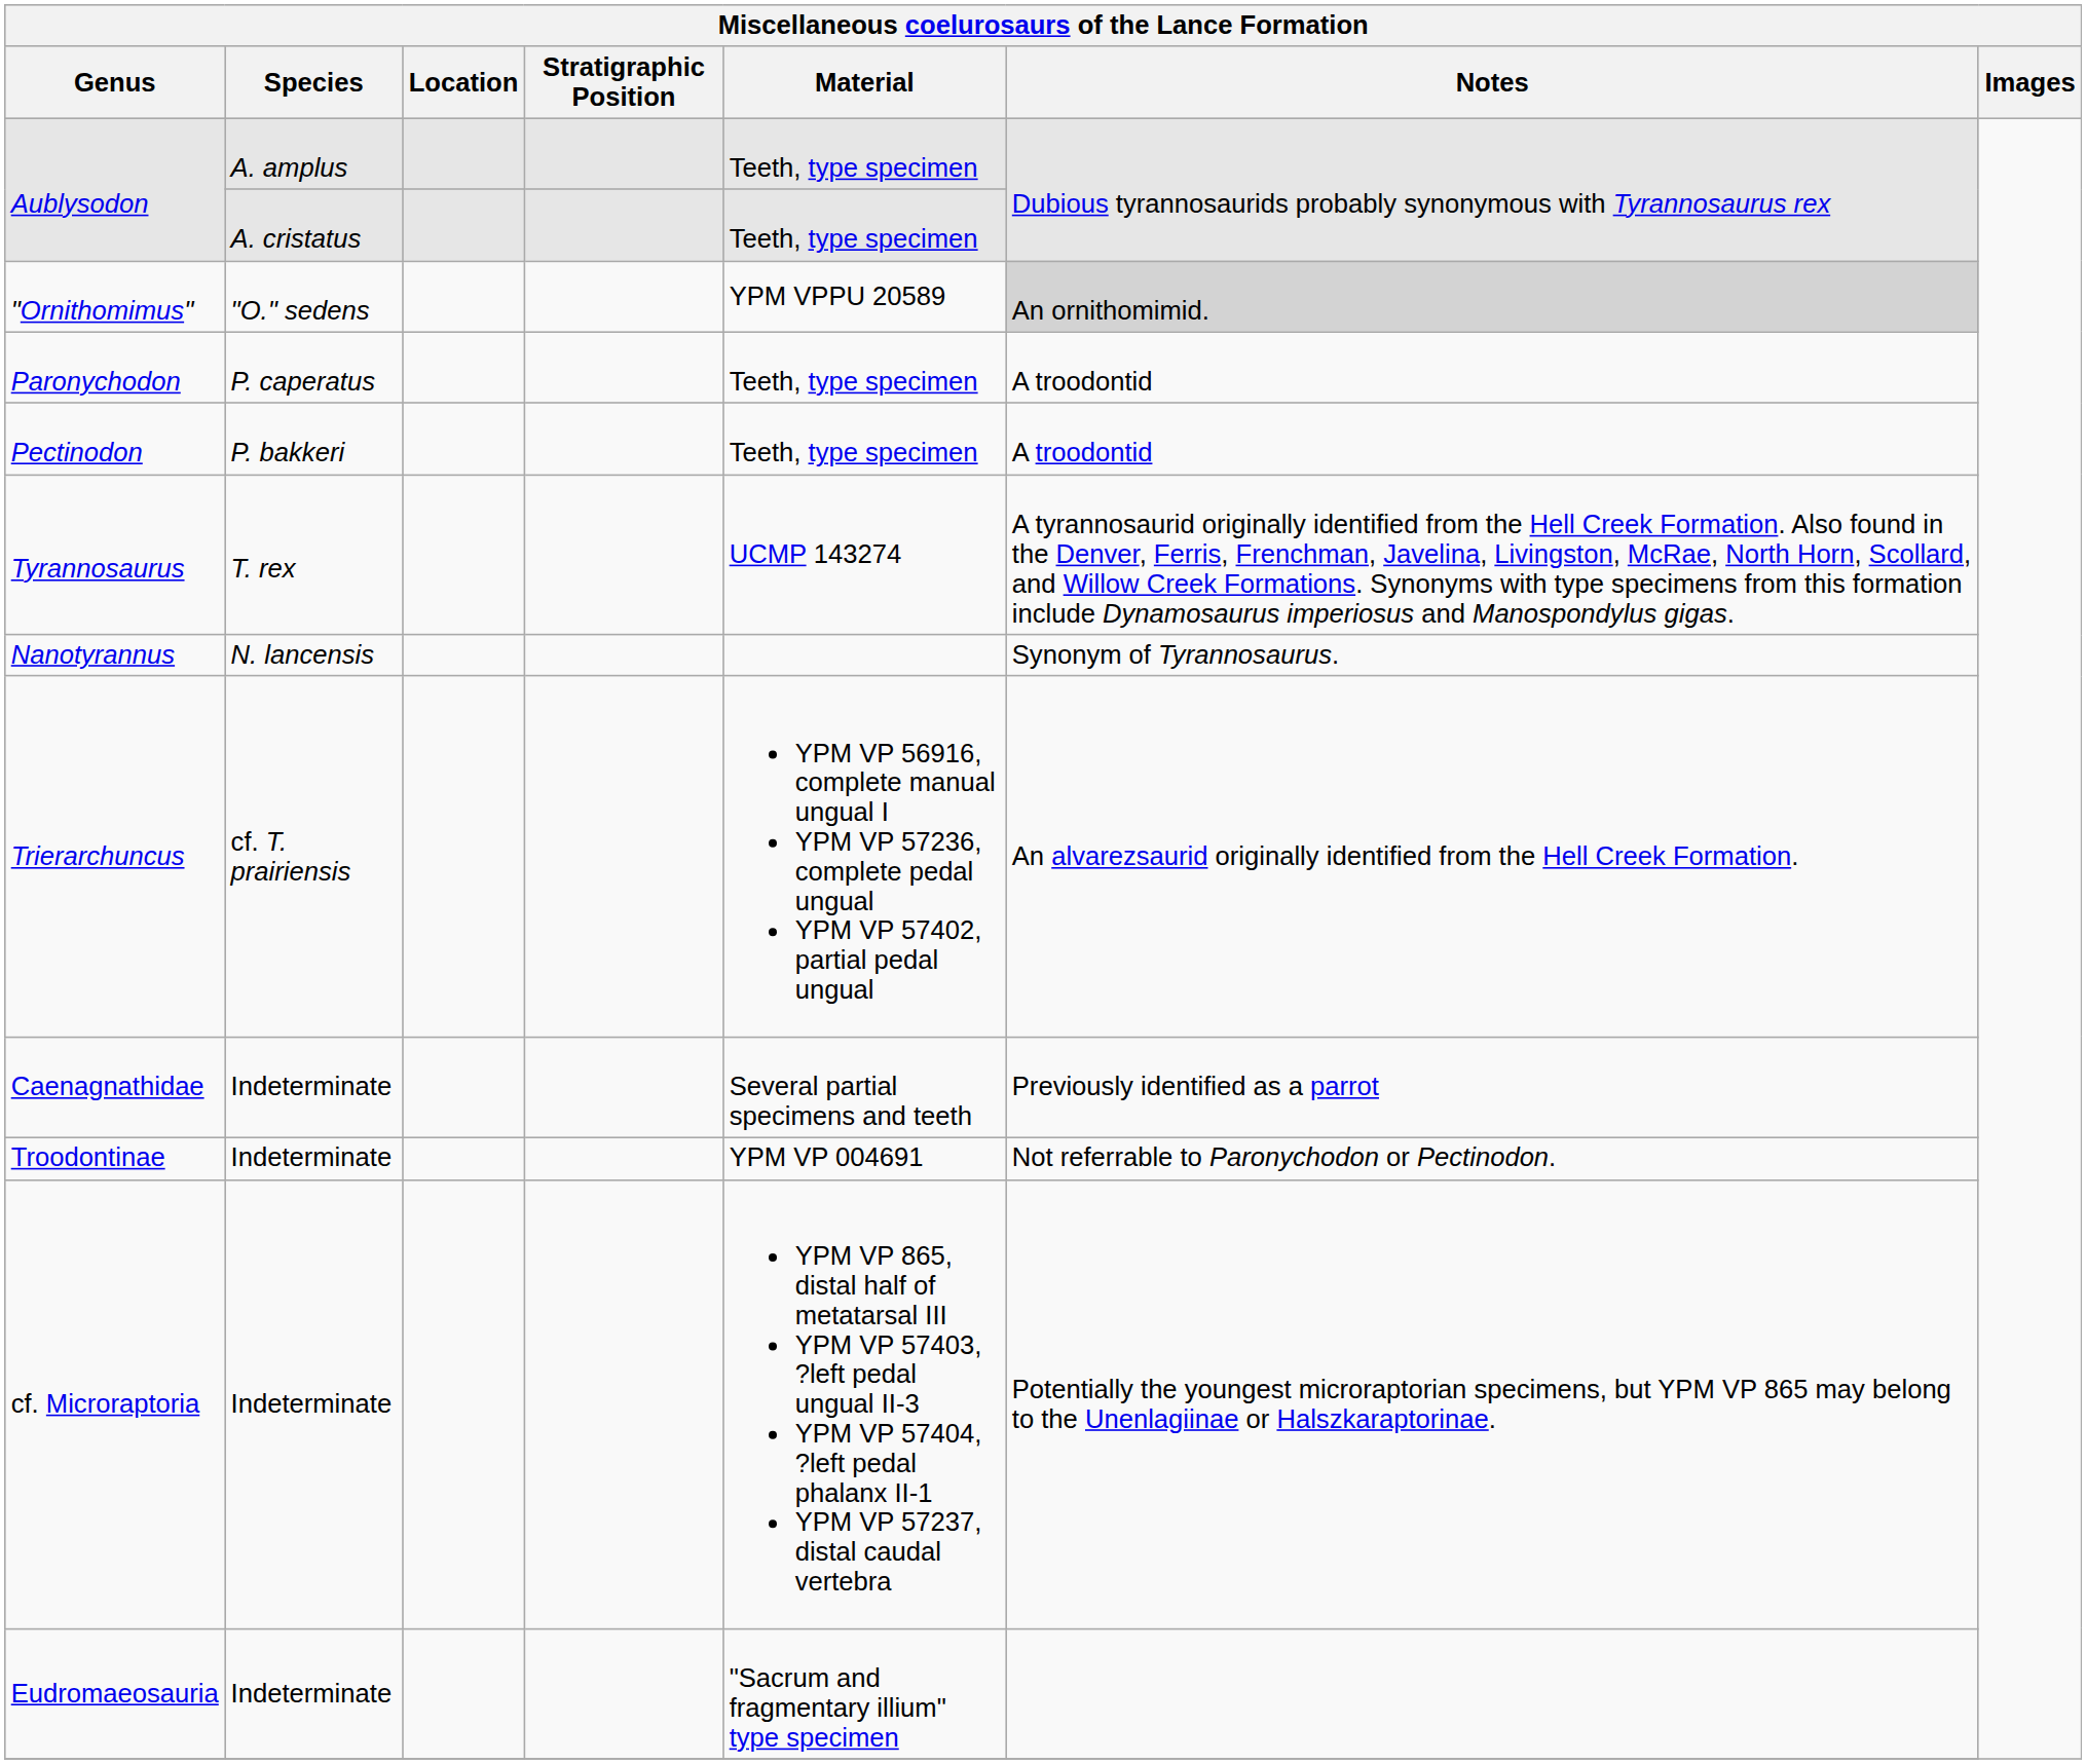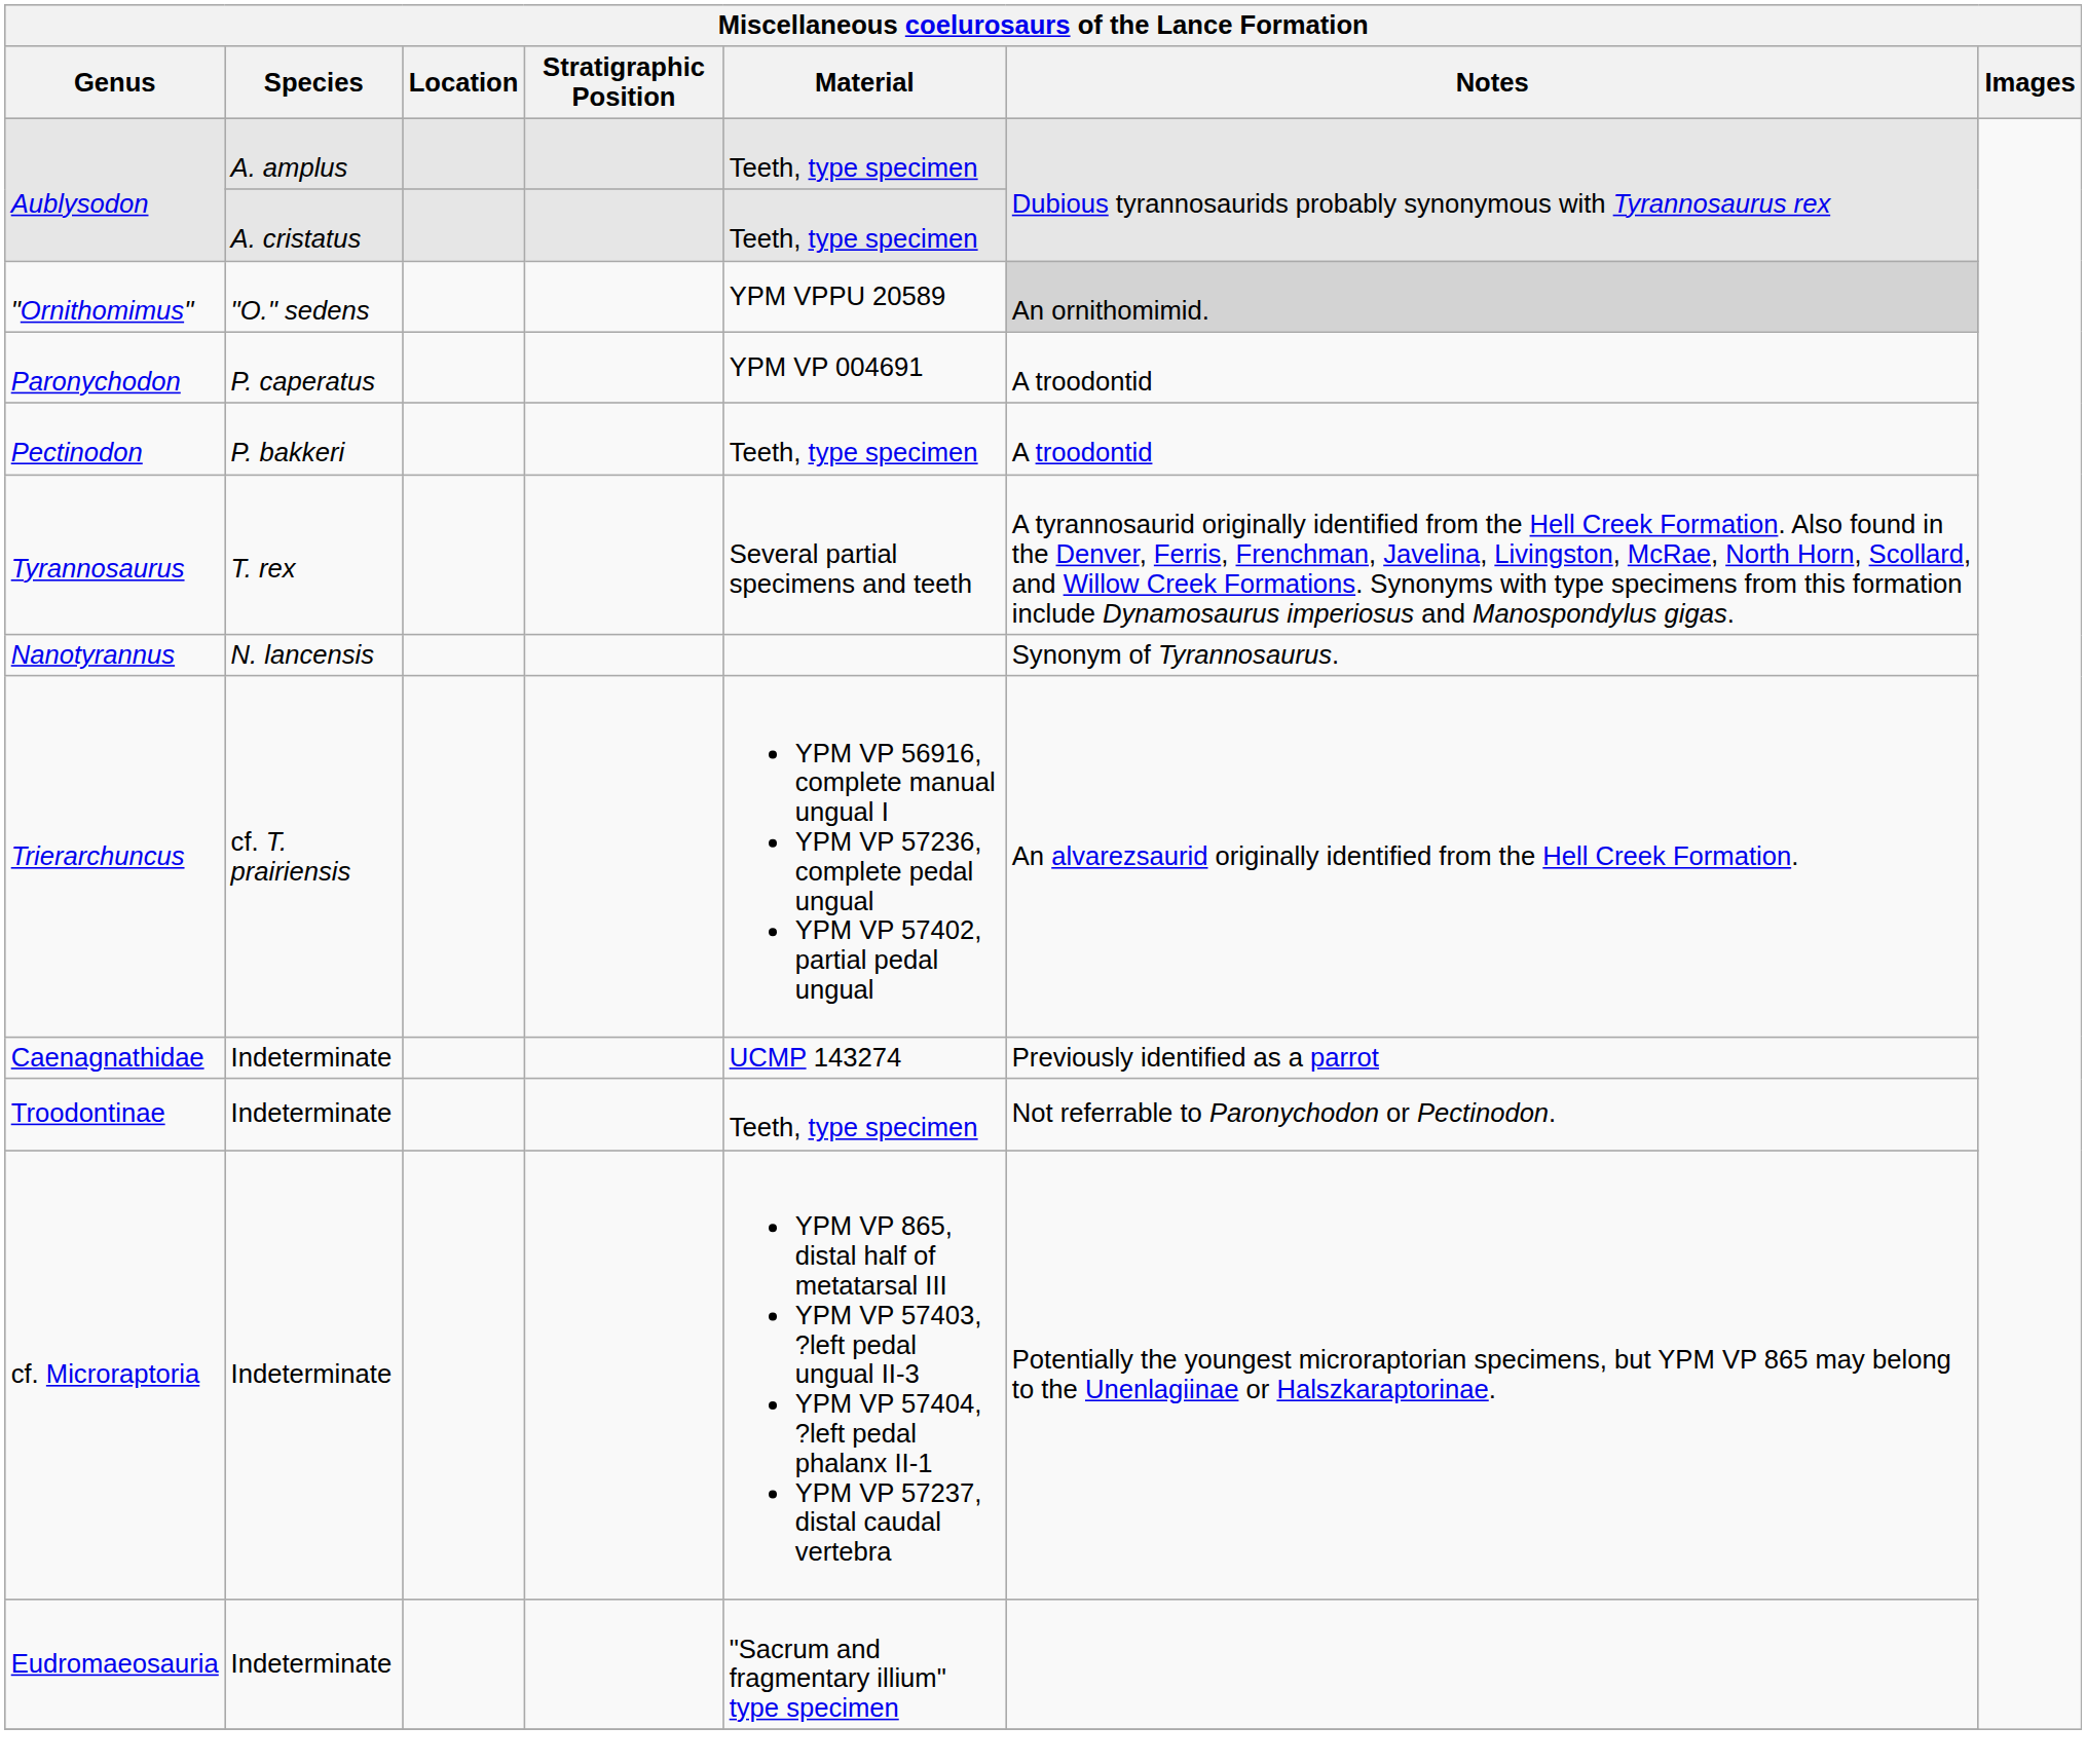 <table class="wikitable" align="center" width="100%">
 <tr>
 <th colspan="7" align="center"><strong>Miscellaneous <a href='#'>coelurosaurs</a> of the Lance Formation</strong></th>
 </tr>
 <tr>
 <th>Genus</th>
 <th>Species</th>
 <th>Location</th>
 <th>Stratigraphic Position</th>
 <th>Material</th>
 <th>Notes</th>
 <th>Images</th>
 </tr>
 <tr>
 <td rowspan=2 style="background:#E6E6E6;"><br><em><a href='#'>Aublysodon</a></em></td>
 <td style="background:#E6E6E6;"><br><em>A. amplus</em></td>
 <td style="background:#E6E6E6;"></td>
 <td style="background:#E6E6E6;"></td>
 <td style="background:#E6E6E6;"><br>Teeth, <a href='#'>type specimen</a></td>
 <td rowspan=2 style="background:#E6E6E6;"><br><a href='#'>Dubious</a> tyrannosaurids probably synonymous with <em><a href='#'>Tyrannosaurus rex</a></em></td>
 <td rowspan="100"><br> </td>
 </tr>
 <tr>
 <td style="background:#E6E6E6;"><br><em>A. cristatus</em></td>
 <td style="background:#E6E6E6;"></td>
 <td style="background:#E6E6E6;"></td>
 <td style="background:#E6E6E6;"><br>Teeth, <a href='#'>type specimen</a></td>
 </tr>
 <tr>
 <td><br><em>"<a href='#'>Ornithomimus</a>"</em></td>
 <td><br><em>"O." sedens</em></td>
 <td></td>
 <td></td>
 <td>YPM VPPU 20589</td>
 <td style="background: lightgrey;"><br>An ornithomimid.</td>
 </tr>
 <tr>
 <td><br><em><a href='#'>Paronychodon</a></em></td>
 <td><br><em>P. caperatus</em></td>
 <td></td>
 <td></td>
-<td><br>Teeth, <a href='#'>type specimen</a></td>
+<td>YPM VP 004691</td>
 <td><br>A troodontid</td>
 </tr>
 <tr>
 <td><br><em><a href='#'>Pectinodon</a></em></td>
 <td><br><em>P. bakkeri</em></td>
 <td></td>
 <td></td>
 <td><br>Teeth, <a href='#'>type specimen</a></td>
 <td><br>A <a href='#'>troodontid</a></td>
 </tr>
 <tr>
 <td><br><em><a href='#'>Tyrannosaurus</a></em></td>
 <td><br><em>T. rex</em></td>
 <td></td>
 <td></td>
-<td><a href='#'>UCMP</a> 143274</td>
+<td><br>Several partial specimens and teeth</td>
 <td><br>A tyrannosaurid originally identified from the <a href='#'>Hell Creek Formation</a>. Also found in the <a href='#'>Denver</a>, <a href='#'>Ferris</a>, <a href='#'>Frenchman</a>, <a href='#'>Javelina</a>, <a href='#'>Livingston</a>, <a href='#'>McRae</a>, <a href='#'>North Horn</a>, <a href='#'>Scollard</a>, and <a href='#'>Willow Creek Formations</a>. Synonyms with type specimens from this formation include <em>Dynamosaurus imperiosus</em> and <em>Manospondylus gigas</em>.</td>
 </tr>
 <tr>
 <td><a href='#'><em>Nanotyrannus</em></a></td>
 <td><em>N. lancensis</em></td>
 <td></td>
 <td></td>
 <td></td>
 <td>Synonym of <em>Tyrannosaurus</em>.</td>
 </tr>
 <tr>
 <td><em><a href='#'>Trierarchuncus</a></em></td>
 <td>cf. <em>T. prairiensis</em></td>
 <td></td>
 <td></td>
 <td><br><ul><li>YPM VP 56916, complete manual ungual I</li><li>YPM VP 57236, complete pedal ungual</li><li>YPM VP 57402, partial pedal ungual</li></ul></td>
 <td>An <a href='#'>alvarezsaurid</a> originally identified from the <a href='#'>Hell Creek Formation</a>.</td>
 </tr>
 <tr>
 <td><a href='#'>Caenagnathidae</a></td>
 <td>Indeterminate</td>
 <td></td>
 <td></td>
-<td><br>Several partial specimens and teeth</td>
+<td><a href='#'>UCMP</a> 143274</td>
 <td>Previously identified as a <a href='#'>parrot</a></td>
 </tr>
 <tr>
 <td><a href='#'>Troodontinae</a></td>
 <td>Indeterminate</td>
 <td></td>
 <td></td>
-<td>YPM VP 004691</td>
+<td><br>Teeth, <a href='#'>type specimen</a></td>
 <td>Not referrable to <em>Paronychodon</em> or <em>Pectinodon</em>.</td>
 </tr>
 <tr>
 <td>cf. <a href='#'>Microraptoria</a></td>
 <td>Indeterminate</td>
 <td></td>
 <td></td>
 <td><br><ul><li>YPM VP 865, distal half of metatarsal III</li><li>YPM VP 57403, ?left pedal ungual II-3</li><li>YPM VP 57404, ?left pedal phalanx II-1</li><li>YPM VP 57237, distal caudal vertebra</li></ul></td>
 <td>Potentially the youngest microraptorian specimens, but YPM VP 865 may belong to the <a href='#'>Unenlagiinae</a> or <a href='#'>Halszkaraptorinae</a>.</td>
 </tr>
 <tr>
 <td><a href='#'>Eudromaeosauria</a></td>
 <td>Indeterminate</td>
 <td></td>
 <td></td>
 <td><br>"Sacrum and fragmentary illium" <a href='#'>type specimen</a></td>
 <td></td>
 </tr>
 <tr>
 </tr>
 </table>
